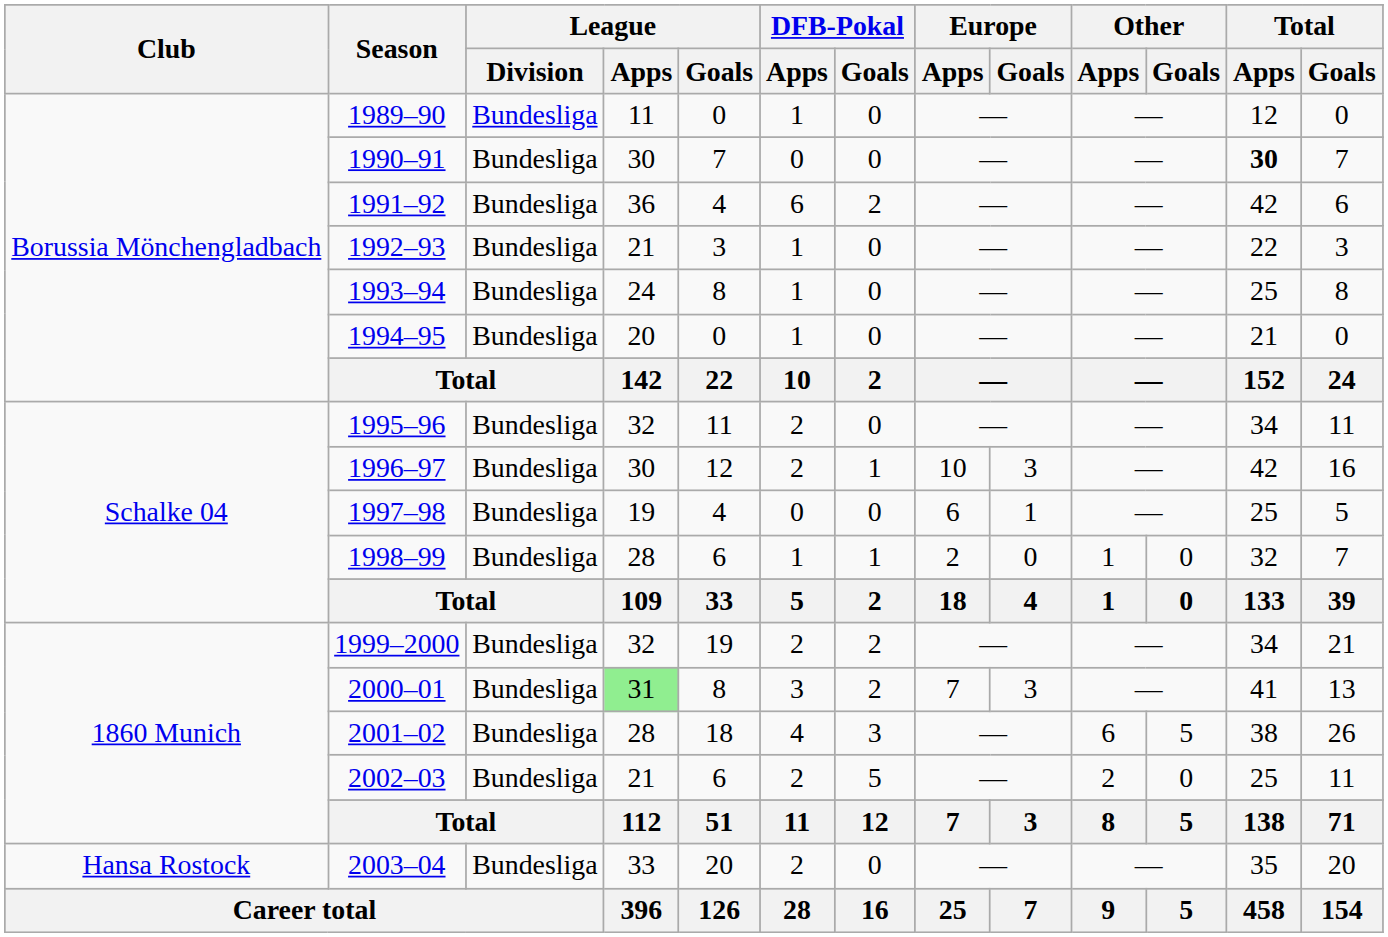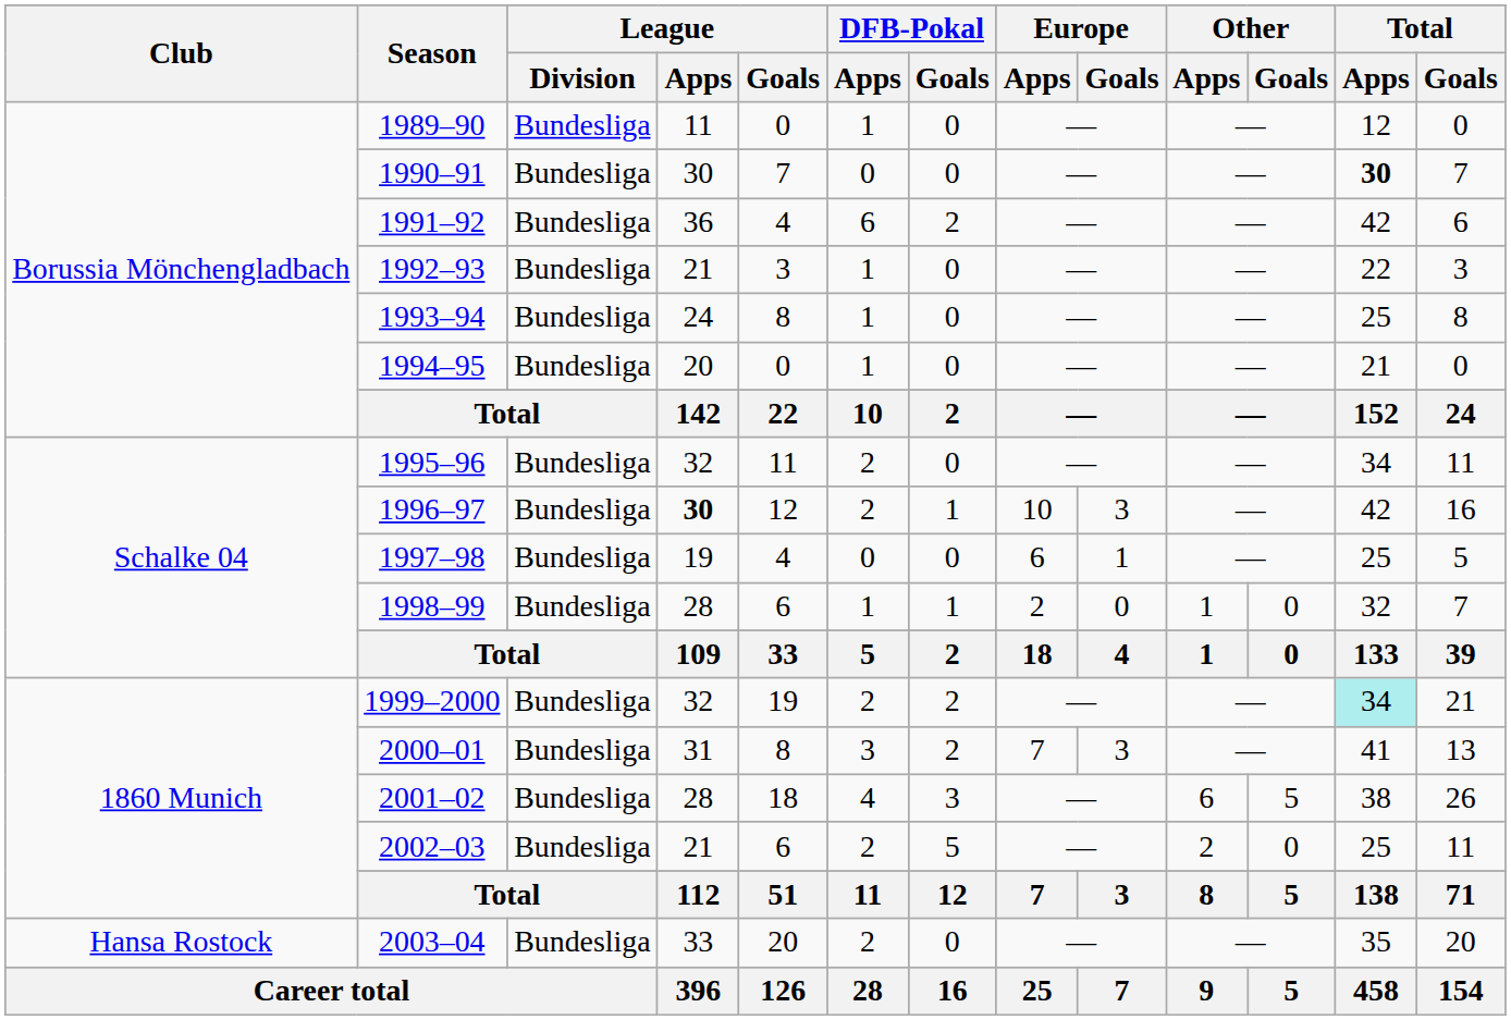 <table class="wikitable" style="text-align:center">
 <tr>
 <th rowspan="2">Club</th>
 <th rowspan="2">Season</th>
 <th colspan="3">League</th>
 <th colspan="2"><a href='#'>DFB-Pokal</a></th>
 <th colspan="2">Europe</th>
 <th colspan="2">Other</th>
 <th colspan="2">Total</th>
 </tr>
 <tr>
 <th>Division</th>
 <th>Apps</th>
 <th>Goals</th>
 <th>Apps</th>
 <th>Goals</th>
 <th>Apps</th>
 <th>Goals</th>
 <th>Apps</th>
 <th>Goals</th>
 <th>Apps</th>
 <th>Goals</th>
 </tr>
 <tr>
 <td rowspan="7"><a href='#'>Borussia Mönchengladbach</a></td>
 <td><a href='#'>1989–90</a></td>
 <td><a href='#'>Bundesliga</a></td>
 <td>11</td>
 <td>0</td>
 <td>1</td>
 <td>0</td>
 <td colspan="2">—</td>
 <td colspan="2">—</td>
 <td>12</td>
 <td>0</td>
 </tr>
 <tr>
 <td><a href='#'>1990–91</a></td>
 <td>Bundesliga</td>
 <td>30</td>
 <td>7</td>
 <td>0</td>
 <td>0</td>
 <td colspan="2">—</td>
 <td colspan="2">—</td>
 <td><strong>30</strong></td>
 <td>7</td>
 </tr>
 <tr>
 <td><a href='#'>1991–92</a></td>
 <td>Bundesliga</td>
 <td>36</td>
 <td>4</td>
 <td>6</td>
 <td>2</td>
 <td colspan="2">—</td>
 <td colspan="2">—</td>
 <td>42</td>
 <td>6</td>
 </tr>
 <tr>
 <td><a href='#'>1992–93</a></td>
 <td>Bundesliga</td>
 <td>21</td>
 <td>3</td>
 <td>1</td>
 <td>0</td>
 <td colspan="2">—</td>
 <td colspan="2">—</td>
 <td>22</td>
 <td>3</td>
 </tr>
 <tr>
 <td><a href='#'>1993–94</a></td>
 <td>Bundesliga</td>
 <td>24</td>
 <td>8</td>
 <td>1</td>
 <td>0</td>
 <td colspan="2">—</td>
 <td colspan="2">—</td>
 <td>25</td>
 <td>8</td>
 </tr>
 <tr>
 <td><a href='#'>1994–95</a></td>
 <td>Bundesliga</td>
 <td>20</td>
 <td>0</td>
 <td>1</td>
 <td>0</td>
 <td colspan="2">—</td>
 <td colspan="2">—</td>
 <td>21</td>
 <td>0</td>
 </tr>
 <tr>
 <th colspan="2">Total</th>
 <th>142</th>
 <th>22</th>
 <th>10</th>
 <th>2</th>
 <th colspan="2">—</th>
 <th colspan="2">—</th>
 <th>152</th>
 <th>24</th>
 </tr>
 <tr>
 <td rowspan="5"><a href='#'>Schalke 04</a></td>
 <td><a href='#'>1995–96</a></td>
 <td>Bundesliga</td>
 <td>32</td>
 <td>11</td>
 <td>2</td>
 <td>0</td>
 <td colspan="2">—</td>
 <td colspan="2">—</td>
 <td>34</td>
 <td>11</td>
 </tr>
 <tr>
 <td><a href='#'>1996–97</a></td>
 <td>Bundesliga</td>
-<td>30</td>
+<td><strong>30</strong></td>
 <td>12</td>
 <td>2</td>
 <td>1</td>
 <td>10</td>
 <td>3</td>
 <td colspan="2">—</td>
 <td>42</td>
 <td>16</td>
 </tr>
 <tr>
 <td><a href='#'>1997–98</a></td>
 <td>Bundesliga</td>
 <td>19</td>
 <td>4</td>
 <td>0</td>
 <td>0</td>
 <td>6</td>
 <td>1</td>
 <td colspan="2">—</td>
 <td>25</td>
 <td>5</td>
 </tr>
 <tr>
 <td><a href='#'>1998–99</a></td>
 <td>Bundesliga</td>
 <td>28</td>
 <td>6</td>
 <td>1</td>
 <td>1</td>
 <td>2</td>
 <td>0</td>
 <td>1</td>
 <td>0</td>
 <td>32</td>
 <td>7</td>
 </tr>
 <tr>
 <th colspan="2">Total</th>
 <th>109</th>
 <th>33</th>
 <th>5</th>
 <th>2</th>
 <th>18</th>
 <th>4</th>
 <th>1</th>
 <th>0</th>
 <th>133</th>
 <th>39</th>
 </tr>
 <tr>
 <td rowspan="5"><a href='#'>1860 Munich</a></td>
 <td><a href='#'>1999–2000</a></td>
 <td>Bundesliga</td>
 <td>32</td>
 <td>19</td>
 <td>2</td>
 <td>2</td>
 <td colspan="2">—</td>
 <td colspan="2">—</td>
-<td>34</td>
+<td style="background: paleturquoise;">34</td>
 <td>21</td>
 </tr>
 <tr>
 <td><a href='#'>2000–01</a></td>
 <td>Bundesliga</td>
-<td style="background: lightgreen;">31</td>
+<td>31</td>
 <td>8</td>
 <td>3</td>
 <td>2</td>
 <td>7</td>
 <td>3</td>
 <td colspan="2">—</td>
 <td>41</td>
 <td>13</td>
 </tr>
 <tr>
 <td><a href='#'>2001–02</a></td>
 <td>Bundesliga</td>
 <td>28</td>
 <td>18</td>
 <td>4</td>
 <td>3</td>
 <td colspan="2">—</td>
 <td>6</td>
 <td>5</td>
 <td>38</td>
 <td>26</td>
 </tr>
 <tr>
 <td><a href='#'>2002–03</a></td>
 <td>Bundesliga</td>
 <td>21</td>
 <td>6</td>
 <td>2</td>
 <td>5</td>
 <td colspan="2">—</td>
 <td>2</td>
 <td>0</td>
 <td>25</td>
 <td>11</td>
 </tr>
 <tr>
 <th colspan="2">Total</th>
 <th>112</th>
 <th>51</th>
 <th>11</th>
 <th>12</th>
 <th>7</th>
 <th>3</th>
 <th>8</th>
 <th>5</th>
 <th>138</th>
 <th>71</th>
 </tr>
 <tr>
 <td><a href='#'>Hansa Rostock</a></td>
 <td><a href='#'>2003–04</a></td>
 <td>Bundesliga</td>
 <td>33</td>
 <td>20</td>
 <td>2</td>
 <td>0</td>
 <td colspan="2">—</td>
 <td colspan="2">—</td>
 <td>35</td>
 <td>20</td>
 </tr>
 <tr>
 <th colspan="3">Career total</th>
 <th>396</th>
 <th>126</th>
 <th>28</th>
 <th>16</th>
 <th>25</th>
 <th>7</th>
 <th>9</th>
 <th>5</th>
 <th>458</th>
 <th>154</th>
 </tr>
 </table>
